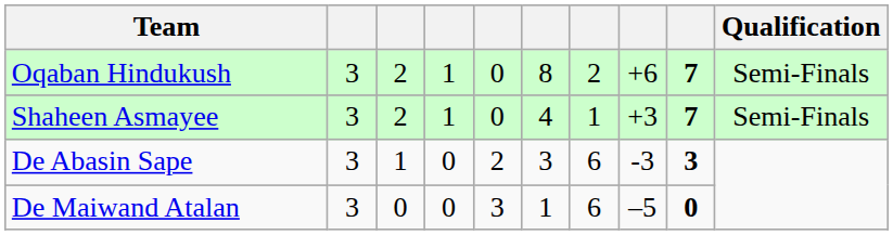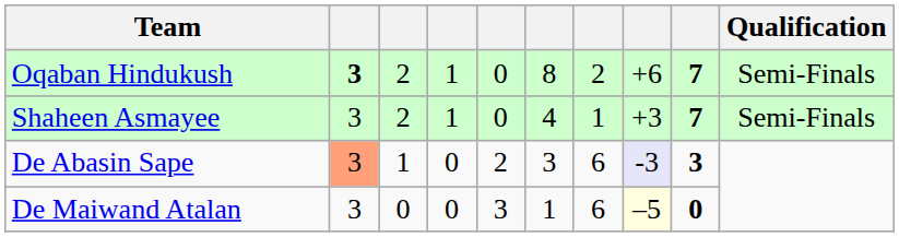 <table class="wikitable" style="text-align:center">
 <tr>
 <th width="175">Team</th>
 <th width="20"></th>
 <th width="20"></th>
 <th width="20"></th>
 <th width="20"></th>
 <th width="20"></th>
 <th width="20"></th>
 <th width="20"></th>
 <th width="20"></th>
 <th width="20">Qualification</th>
 </tr>
 <tr bgcolor="#ccffcc">
 <td align=left><a href='#'>Oqaban Hindukush</a></td>
-<td>3</td>
+<td><strong>3</strong></td>
 <td>2</td>
 <td>1</td>
 <td>0</td>
 <td>8</td>
 <td>2</td>
 <td>+6</td>
 <td><strong>7</strong></td>
 <td>Semi-Finals</td>
 </tr>
 <tr bgcolor="#ccffcc">
 <td align=left><a href='#'>Shaheen Asmayee</a></td>
 <td>3</td>
 <td>2</td>
 <td>1</td>
 <td>0</td>
 <td>4</td>
 <td>1</td>
 <td>+3</td>
 <td><strong>7</strong></td>
 <td>Semi-Finals</td>
 </tr>
 <tr>
 <td align=left><a href='#'>De Abasin Sape</a></td>
-<td>3</td>
+<td style="background: lightsalmon;">3</td>
 <td>1</td>
 <td>0</td>
 <td>2</td>
 <td>3</td>
 <td>6</td>
-<td>-3</td>
+<td style="background: lavender;">-3</td>
 <td><strong>3</strong></td>
 </tr>
 <tr>
 <td align=left><a href='#'>De Maiwand Atalan</a></td>
 <td>3</td>
 <td>0</td>
 <td>0</td>
 <td>3</td>
 <td>1</td>
 <td>6</td>
-<td>–5</td>
+<td style="background: lightyellow;">–5</td>
 <td><strong>0</strong></td>
 </tr>
 </table>
